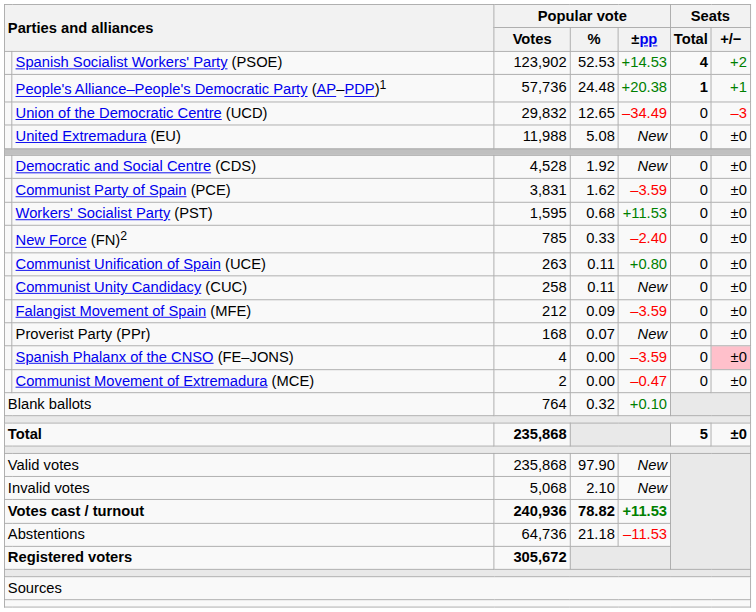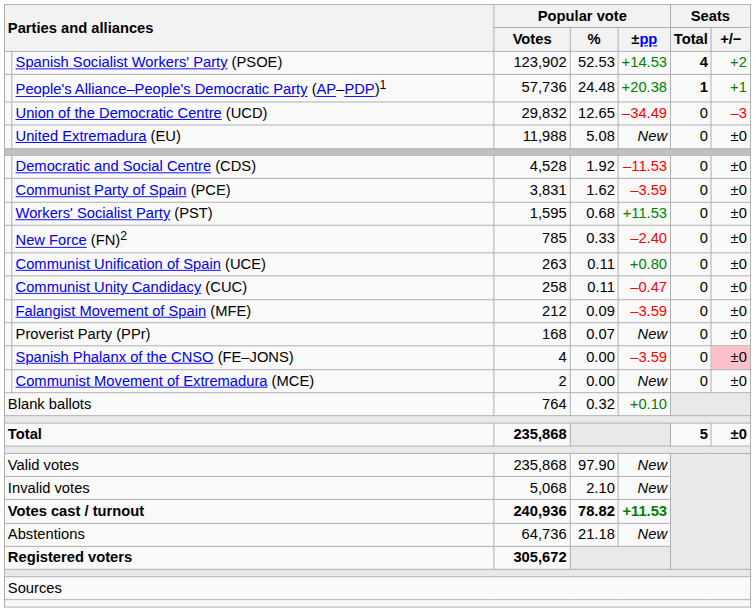 <table class="wikitable" style="text-align:right;">
 <tr>
 <th style="text-align:left;" rowspan="2" colspan="2" width="525">Parties and alliances</th>
 <th colspan="3">Popular vote</th>
 <th colspan="2">Seats</th>
 </tr>
 <tr>
 <th width="75">Votes</th>
 <th width="45">%</th>
 <th width="45">±<a href='#'>pp</a></th>
 <th width="35">Total</th>
 <th width="35">+/−</th>
 </tr>
 <tr>
 <td width="1" style="color:inherit;background:"></td>
 <td align="left"><a href='#'>Spanish Socialist Workers' Party</a> (PSOE)</td>
 <td>123,902</td>
 <td>52.53</td>
 <td style="color:green;">+14.53</td>
 <td><strong>4</strong></td>
 <td style="color:green;">+2</td>
 </tr>
 <tr>
 <td style="color:inherit;background:"></td>
 <td align="left"><a href='#'>People's Alliance–People's Democratic Party</a> (<a href='#'>AP</a>–<a href='#'>PDP</a>)<sup>1</sup></td>
 <td>57,736</td>
 <td>24.48</td>
 <td style="color:green;">+20.38</td>
 <td><strong>1</strong></td>
 <td style="color:green;">+1</td>
 </tr>
 <tr>
 <td style="color:inherit;background:"></td>
 <td align="left"><a href='#'>Union of the Democratic Centre</a> (UCD)</td>
 <td>29,832</td>
 <td>12.65</td>
 <td style="color:red;">–34.49</td>
 <td>0</td>
 <td style="color:red;">–3</td>
 </tr>
 <tr>
 <td style="color:inherit;background:"></td>
 <td align="left"><a href='#'>United Extremadura</a> (EU)</td>
 <td>11,988</td>
 <td>5.08</td>
 <td><em>New</em></td>
 <td>0</td>
 <td>±0</td>
 </tr>
 <tr>
 <td colspan="7" bgcolor="#C0C0C0"></td>
 </tr>
 <tr>
 <td style="color:inherit;background:"></td>
 <td align="left"><a href='#'>Democratic and Social Centre</a> (CDS)</td>
 <td>4,528</td>
 <td>1.92</td>
-<td><em>New</em></td>
+<td style="color:red;">–11.53</td>
 <td>0</td>
 <td>±0</td>
 </tr>
 <tr>
 <td style="color:inherit;background:"></td>
 <td align="left"><a href='#'>Communist Party of Spain</a> (PCE)</td>
 <td>3,831</td>
 <td>1.62</td>
 <td style="color:red;">–3.59</td>
 <td>0</td>
 <td>±0</td>
 </tr>
 <tr>
 <td style="color:inherit;background:"></td>
 <td align="left"><a href='#'>Workers' Socialist Party</a> (PST)</td>
 <td>1,595</td>
 <td>0.68</td>
 <td style="color:green;">+11.53</td>
 <td>0</td>
 <td>±0</td>
 </tr>
 <tr>
 <td style="color:inherit;background:"></td>
 <td align="left"><a href='#'>New Force</a> (FN)<sup>2</sup></td>
 <td>785</td>
 <td>0.33</td>
 <td style="color:red;">–2.40</td>
 <td>0</td>
 <td>±0</td>
 </tr>
 <tr>
 <td style="color:inherit;background:"></td>
 <td align="left"><a href='#'>Communist Unification of Spain</a> (UCE)</td>
 <td>263</td>
 <td>0.11</td>
 <td style="color:green;">+0.80</td>
 <td>0</td>
 <td>±0</td>
 </tr>
 <tr>
 <td style="color:inherit;background:"></td>
 <td align="left"><a href='#'>Communist Unity Candidacy</a> (CUC)</td>
 <td>258</td>
 <td>0.11</td>
-<td><em>New</em></td>
+<td style="color:red;">–0.47</td>
 <td>0</td>
 <td>±0</td>
 </tr>
 <tr>
 <td style="color:inherit;background:"></td>
 <td align="left"><a href='#'>Falangist Movement of Spain</a> (MFE)</td>
 <td>212</td>
 <td>0.09</td>
 <td style="color:red;">–3.59</td>
 <td>0</td>
 <td>±0</td>
 </tr>
 <tr>
 <td style="color:inherit;background:"></td>
 <td align="left">Proverist Party (PPr)</td>
 <td>168</td>
 <td>0.07</td>
 <td><em>New</em></td>
 <td>0</td>
 <td>±0</td>
 </tr>
 <tr>
 <td style="color:inherit;background:"></td>
 <td align="left"><a href='#'>Spanish Phalanx of the CNSO</a> (FE–JONS)</td>
 <td>4</td>
 <td>0.00</td>
 <td style="color:red;">–3.59</td>
 <td>0</td>
 <td style="background: pink;">±0</td>
 </tr>
 <tr>
 <td style="color:inherit;background:"></td>
 <td align="left"><a href='#'>Communist Movement of Extremadura</a> (MCE)</td>
 <td>2</td>
 <td>0.00</td>
-<td style="color:red;">–0.47</td>
+<td><em>New</em></td>
 <td>0</td>
 <td>±0</td>
 </tr>
 <tr>
 <td align="left" colspan="2">Blank ballots</td>
 <td>764</td>
 <td>0.32</td>
 <td style="color:green;">+0.10</td>
 <td bgcolor="#E9E9E9" colspan="2"></td>
 </tr>
 <tr>
 <td colspan="7" bgcolor="#E9E9E9"></td>
 </tr>
 <tr style="font-weight:bold;">
 <td align="left" colspan="2">Total</td>
 <td>235,868</td>
 <td bgcolor="#E9E9E9" colspan="2"></td>
 <td>5</td>
 <td>±0</td>
 </tr>
 <tr>
 <td colspan="7" bgcolor="#E9E9E9"></td>
 </tr>
 <tr>
 <td align="left" colspan="2">Valid votes</td>
 <td>235,868</td>
 <td>97.90</td>
 <td><em>New</em></td>
 <td bgcolor="#E9E9E9" colspan="2" rowspan="5"></td>
 </tr>
 <tr>
 <td align="left" colspan="2">Invalid votes</td>
 <td>5,068</td>
 <td>2.10</td>
 <td><em>New</em></td>
 </tr>
 <tr style="font-weight:bold;">
 <td align="left" colspan="2">Votes cast / turnout</td>
 <td>240,936</td>
 <td>78.82</td>
 <td style="color:green;">+11.53</td>
 </tr>
 <tr>
 <td align="left" colspan="2">Abstentions</td>
 <td>64,736</td>
 <td>21.18</td>
-<td style="color:red;">–11.53</td>
+<td><em>New</em></td>
 </tr>
 <tr style="font-weight:bold;">
 <td align="left" colspan="2">Registered voters</td>
 <td>305,672</td>
 <td bgcolor="#E9E9E9" colspan="2"></td>
 </tr>
 <tr>
 <td colspan="7" bgcolor="#E9E9E9"></td>
 </tr>
 <tr>
 <td align="left" colspan="7">Sources</td>
 </tr>
 <tr>
 <td colspan="7" style="text-align:left; max-width:790px;"></td>
 </tr>
 </table>
